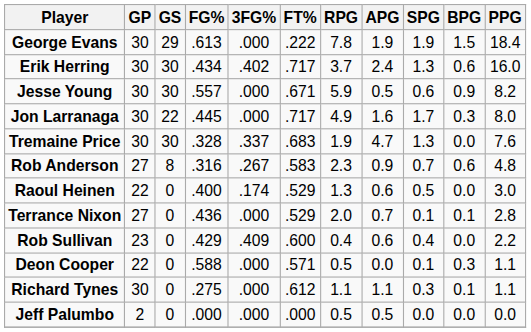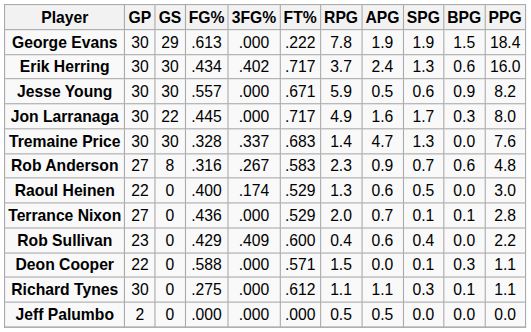 <table class="wikitable sortable" style="font-size: 90%">
 <tr>
 <th>Player</th>
 <th>GP</th>
 <th>GS</th>
 <th>FG%</th>
 <th>3FG%</th>
 <th>FT%</th>
 <th>RPG</th>
 <th>APG</th>
 <th>SPG</th>
 <th>BPG</th>
 <th>PPG</th>
 </tr>
 <tr align="center" bgcolor="">
 <td><strong>George Evans</strong></td>
 <td>30</td>
 <td>29</td>
 <td>.613</td>
 <td>.000</td>
 <td>.222</td>
 <td>7.8</td>
 <td>1.9</td>
 <td>1.9</td>
 <td>1.5</td>
 <td>18.4</td>
 </tr>
 <tr align="center" bgcolor="">
 <td><strong>Erik Herring</strong></td>
 <td>30</td>
 <td>30</td>
 <td>.434</td>
 <td>.402</td>
 <td>.717</td>
 <td>3.7</td>
 <td>2.4</td>
 <td>1.3</td>
 <td>0.6</td>
 <td>16.0</td>
 </tr>
 <tr align="center" bgcolor="">
 <td><strong>Jesse Young</strong></td>
 <td>30</td>
 <td>30</td>
 <td>.557</td>
 <td>.000</td>
 <td>.671</td>
 <td>5.9</td>
 <td>0.5</td>
 <td>0.6</td>
 <td>0.9</td>
 <td>8.2</td>
 </tr>
 <tr align="center" bgcolor="">
 <td><strong>Jon Larranaga</strong></td>
 <td>30</td>
 <td>22</td>
 <td>.445</td>
 <td>.000</td>
 <td>.717</td>
 <td>4.9</td>
 <td>1.6</td>
 <td>1.7</td>
 <td>0.3</td>
 <td>8.0</td>
 </tr>
 <tr align="center" bgcolor="">
 <td><strong>Tremaine Price</strong></td>
 <td>30</td>
 <td>30</td>
 <td>.328</td>
 <td>.337</td>
 <td>.683</td>
-<td>1.9</td>
+<td>1.4</td>
 <td>4.7</td>
 <td>1.3</td>
 <td>0.0</td>
 <td>7.6</td>
 </tr>
 <tr align="center" bgcolor="">
 <td><strong>Rob Anderson</strong></td>
 <td>27</td>
 <td>8</td>
 <td>.316</td>
 <td>.267</td>
 <td>.583</td>
 <td>2.3</td>
 <td>0.9</td>
 <td>0.7</td>
 <td>0.6</td>
 <td>4.8</td>
 </tr>
 <tr align="center" bgcolor="">
 <td><strong>Raoul Heinen</strong></td>
 <td>22</td>
 <td>0</td>
 <td>.400</td>
 <td>.174</td>
 <td>.529</td>
 <td>1.3</td>
 <td>0.6</td>
 <td>0.5</td>
 <td>0.0</td>
 <td>3.0</td>
 </tr>
 <tr align="center" bgcolor="">
 <td><strong>Terrance Nixon</strong></td>
 <td>27</td>
 <td>0</td>
 <td>.436</td>
 <td>.000</td>
 <td>.529</td>
 <td>2.0</td>
 <td>0.7</td>
 <td>0.1</td>
 <td>0.1</td>
 <td>2.8</td>
 </tr>
 <tr align="center" bgcolor="">
 <td><strong>Rob Sullivan</strong></td>
 <td>23</td>
 <td>0</td>
 <td>.429</td>
 <td>.409</td>
 <td>.600</td>
 <td>0.4</td>
 <td>0.6</td>
 <td>0.4</td>
 <td>0.0</td>
 <td>2.2</td>
 </tr>
 <tr align="center" bgcolor="">
 <td><strong>Deon Cooper</strong></td>
 <td>22</td>
 <td>0</td>
 <td>.588</td>
 <td>.000</td>
 <td>.571</td>
-<td>0.5</td>
+<td>1.5</td>
 <td>0.0</td>
 <td>0.1</td>
 <td>0.3</td>
 <td>1.1</td>
 </tr>
 <tr align="center" bgcolor="">
 <td><strong>Richard Tynes</strong></td>
 <td>30</td>
 <td>0</td>
 <td>.275</td>
 <td>.000</td>
 <td>.612</td>
 <td>1.1</td>
 <td>1.1</td>
 <td>0.3</td>
 <td>0.1</td>
 <td>1.1</td>
 </tr>
 <tr align="center" bgcolor="">
 <td><strong>Jeff Palumbo</strong></td>
 <td>2</td>
 <td>0</td>
 <td>.000</td>
 <td>.000</td>
 <td>.000</td>
 <td>0.5</td>
 <td>0.5</td>
 <td>0.0</td>
 <td>0.0</td>
 <td>0.0</td>
 </tr>
 <tr align="center" bgcolor="">
 </tr>
 </table>
